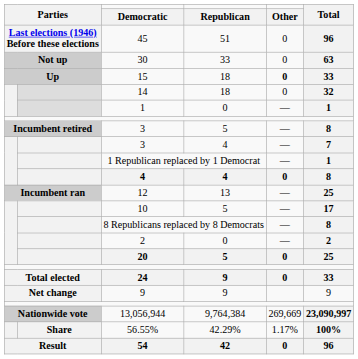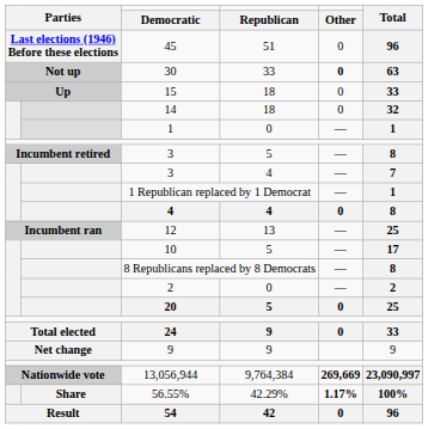 <table class=wikitable style=text-align:center>
 <tr>
 <th colspan=2 rowspan=2>Parties</th>
 <td></td>
 <td></td>
 <td></td>
 <th rowspan=2>Total</th>
 </tr>
 <tr valign=bottom>
 <th>Democratic</th>
 <th>Republican</th>
 <th>Other</th>
 </tr>
 <tr>
 <th colspan=2><a href='#'>Last elections (1946)</a><br>Before these elections</th>
 <td>45</td>
 <td>51</td>
 <td>0</td>
 <th>96</th>
 </tr>
 <tr>
 <th colspan=2 style="background:#ccc">Not up</th>
 <td>30</td>
 <td>33</td>
-<td>0</td>
+<td><strong>0</strong></td>
 <th>63</th>
 </tr>
 <tr>
 <th colspan=2 style="background:#ccc">Up</th>
 <td>15</td>
 <td>18</td>
-<td><strong>0</strong></td>
+<td>0</td>
 <th>33</th>
 </tr>
 <tr>
 <th rowspan=2></th>
 <th style="background:#ddd"></th>
 <td>14</td>
 <td>18</td>
 <td>0</td>
 <th>32</th>
 </tr>
 <tr>
 <th style="background:#ddd"></th>
 <td>1</td>
 <td>0</td>
 <td>—</td>
 <th>1</th>
 </tr>
 <tr>
 <td colspan=100></td>
 </tr>
 <tr>
 <th colspan=2 style="background:#ccc">Incumbent retired</th>
 <td>3</td>
 <td>5</td>
 <td>—</td>
 <th>8</th>
 </tr>
 <tr>
 <th rowspan=3></th>
 <th></th>
 <td>3</td>
 <td>4</td>
 <td>—</td>
 <th>7</th>
 </tr>
 <tr>
 <th></th>
 <td colspan=2 >1 Republican replaced by 1 Democrat</td>
 <td>—</td>
 <th>1</th>
 </tr>
 <tr>
 <th></th>
 <th>4</th>
 <th>4</th>
 <th>0</th>
 <th>8</th>
 </tr>
 <tr>
 <th colspan=2 style="background:#ccc">Incumbent ran</th>
 <td>12</td>
 <td>13</td>
 <td>—</td>
 <th>25</th>
 </tr>
 <tr>
 <th rowspan=4></th>
 <th></th>
 <td>10</td>
 <td>5</td>
 <td>—</td>
 <th>17</th>
 </tr>
 <tr>
 <th></th>
 <td colspan=2 >8 Republicans replaced by 8 Democrats</td>
 <td>—</td>
 <th>8</th>
 </tr>
 <tr>
 <th></th>
 <td>2</td>
 <td>0</td>
 <td>—</td>
 <th>2</th>
 </tr>
 <tr>
 <th></th>
 <th>20</th>
 <th>5</th>
 <th>0</th>
 <th>25</th>
 </tr>
 <tr>
 <td colspan=99></td>
 </tr>
 <tr>
 <th colspan=2>Total elected</th>
 <th>24</th>
 <th>9</th>
 <th>0</th>
 <th>33</th>
 </tr>
 <tr>
 <th colspan=2>Net change</th>
 <td>9</td>
 <td>9</td>
 <td></td>
 <td>9</td>
 </tr>
 <tr>
 <td colspan=99></td>
 </tr>
 <tr>
 <th colspan=2 style="background:#ccc">Nationwide vote</th>
 <td>13,056,944</td>
 <td>9,764,384</td>
-<td>269,669</td>
+<td><strong>269,669</strong></td>
 <th>23,090,997</th>
 </tr>
 <tr>
 <th></th>
 <th>Share</th>
 <td>56.55%</td>
 <td>42.29%</td>
-<td>1.17%</td>
+<td><strong>1.17%</strong></td>
 <th>100%</th>
 </tr>
 <tr>
 <th colspan=2>Result</th>
 <th>54</th>
 <th>42</th>
 <th>0</th>
 <th>96</th>
 </tr>
 </table>
